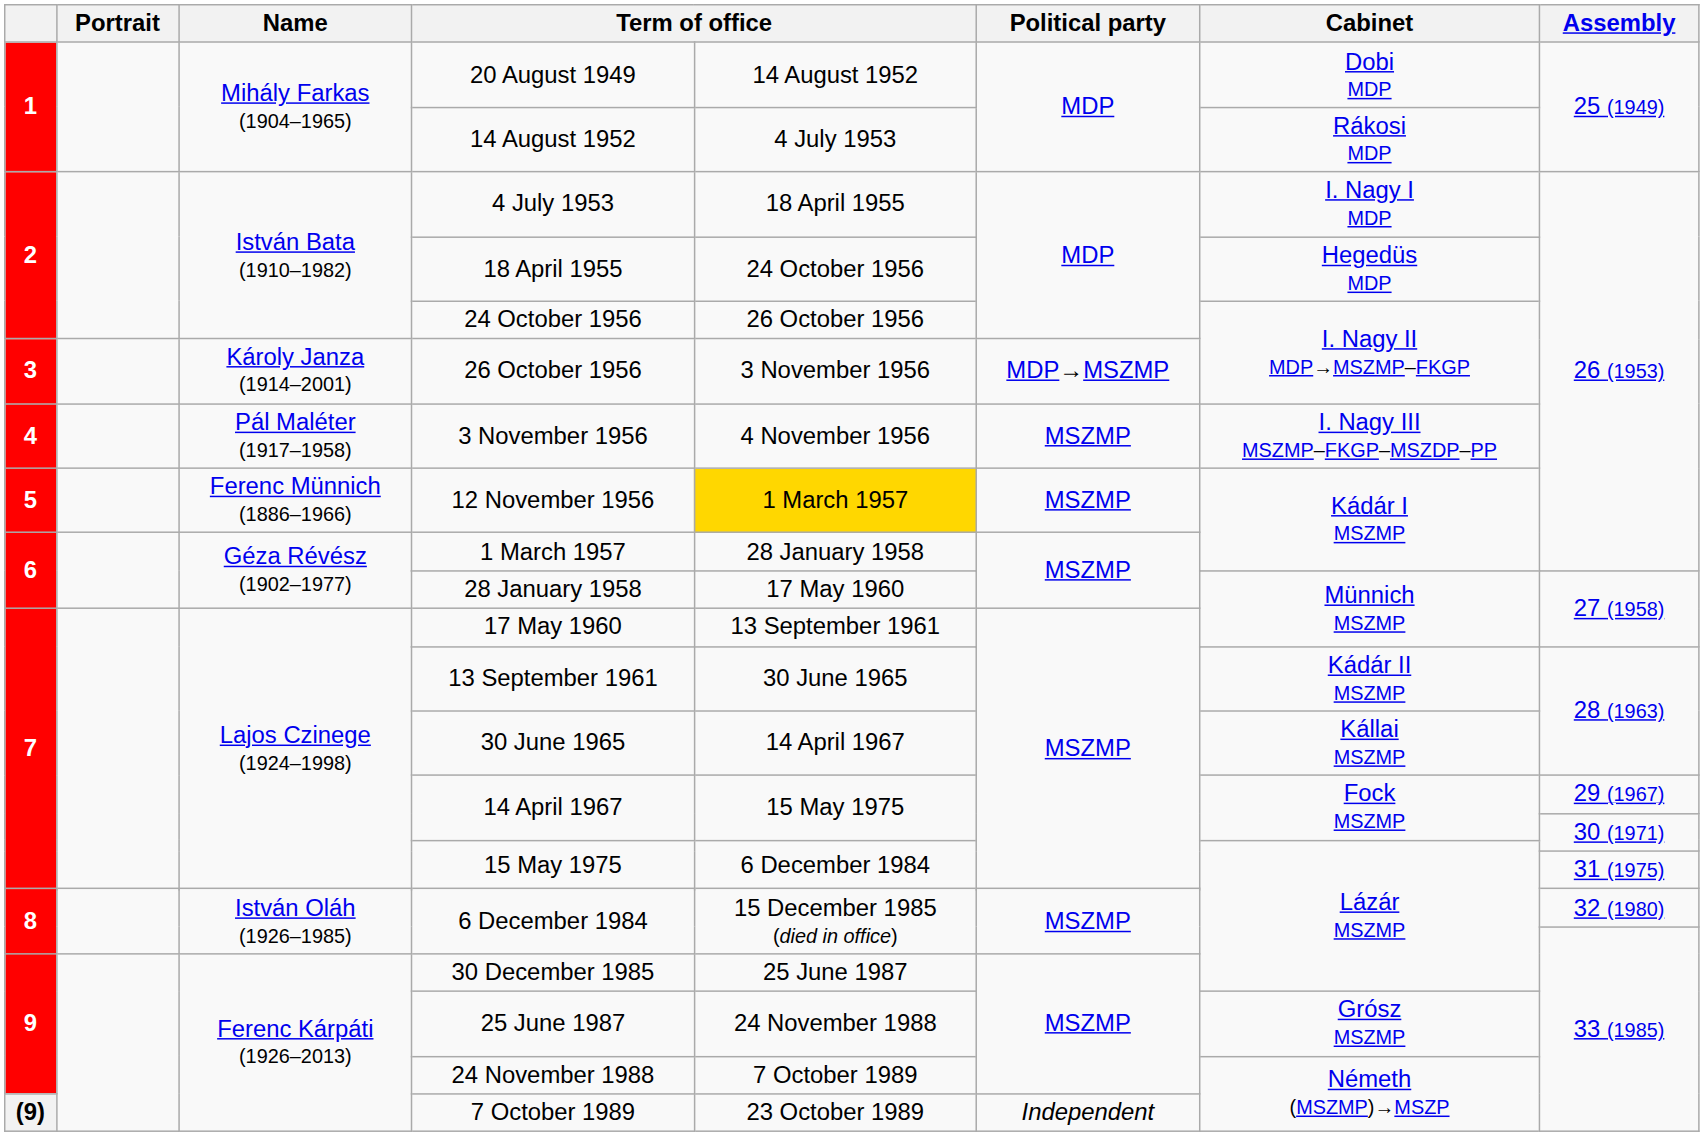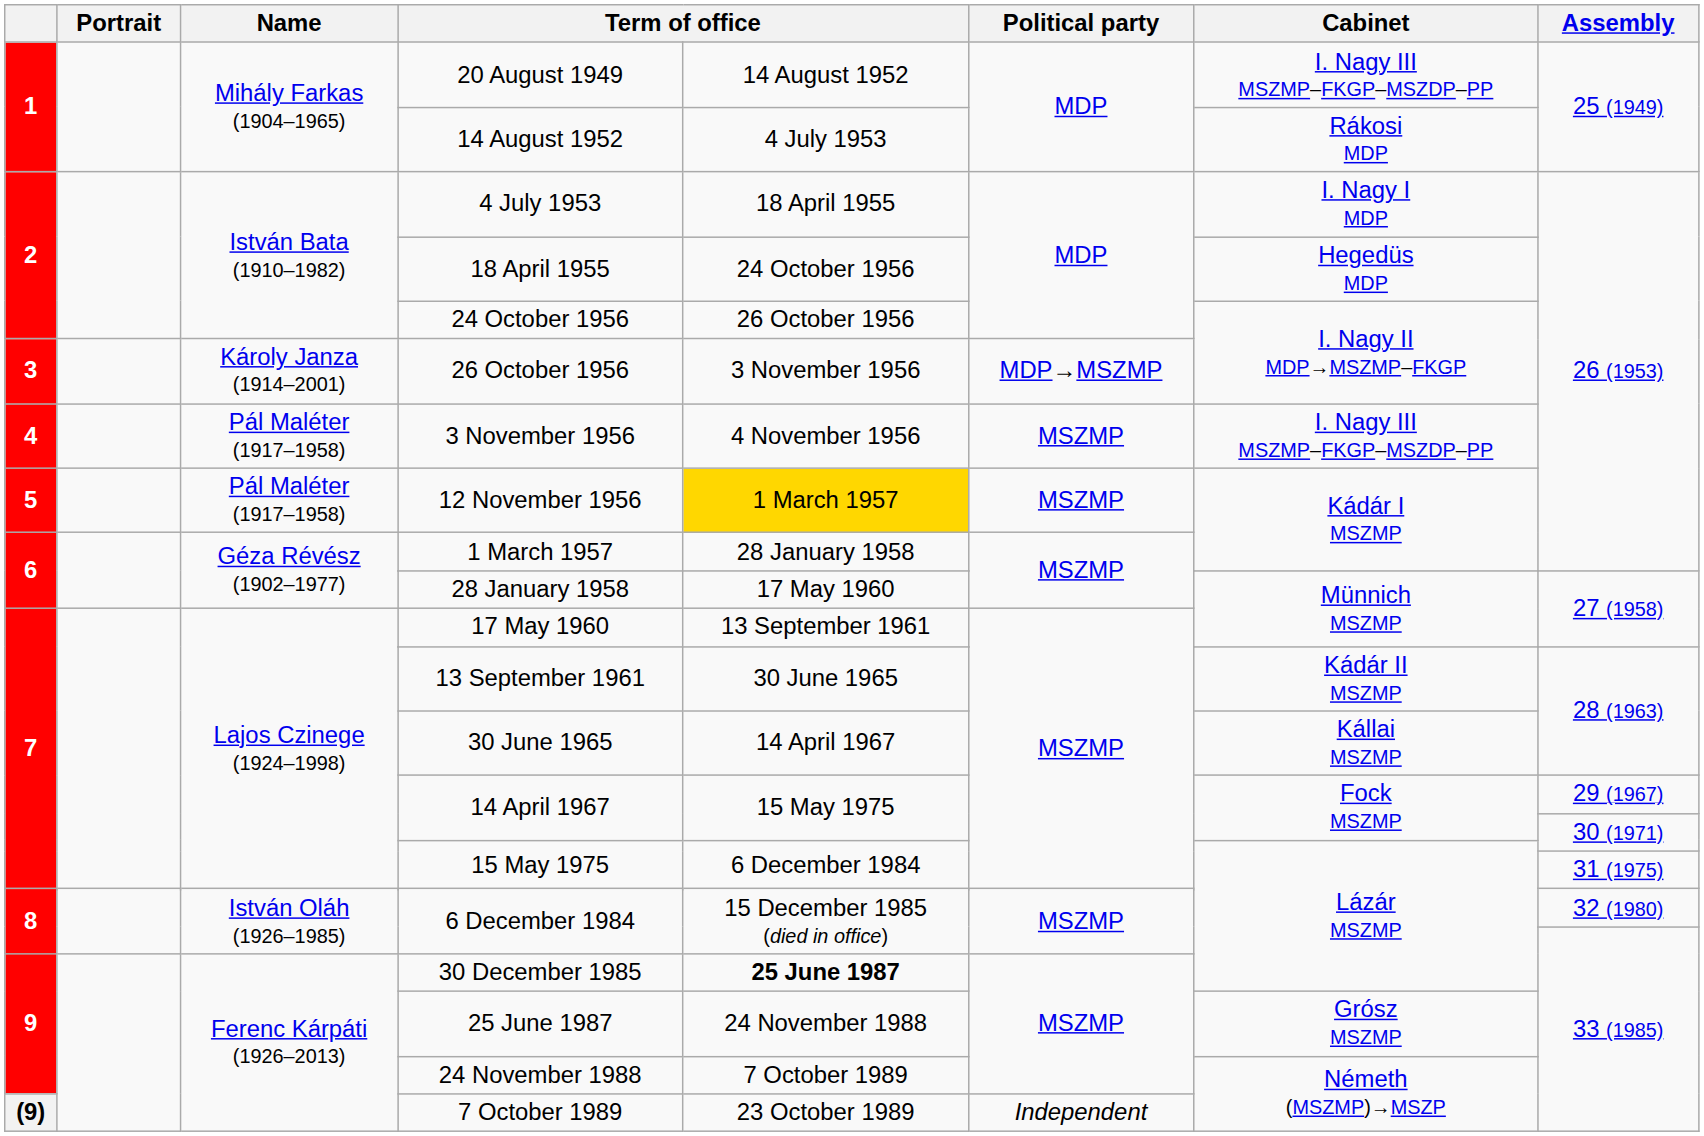 <table class="wikitable" style="width:90%; text-align:center;">
 <tr>
 <th></th>
 <th>Portrait</th>
 <th>Name<br></th>
 <th colspan=2>Term of office</th>
 <th>Political party</th>
 <th>Cabinet</th>
 <th><a href='#'>Assembly</a><br></th>
 </tr>
 <tr>
 <th rowspan="2" style="background-color:#FF0000; color:white">1</th>
 <td rowspan="2"></td>
 <td rowspan="2"><a href='#'>Mihály Farkas</a><br><small>(1904–1965)</small></td>
 <td>20 August 1949</td>
 <td>14 August 1952</td>
 <td rowspan="2"><a href='#'>MDP</a></td>
-<td><a href='#'>Dobi</a><br><small><a href='#'>MDP</a></small></td>
+<td><a href='#'>I. Nagy III</a><br><small><a href='#'>MSZMP</a>–<a href='#'>FKGP</a>–<a href='#'>MSZDP</a>–<a href='#'>PP</a></small></td>
 <td rowspan="2"><a href='#'>25 <small>(1949)</small></a></td>
 </tr>
 <tr>
 <td>14 August 1952</td>
 <td>4 July 1953</td>
 <td><a href='#'>Rákosi</a><br><small><a href='#'>MDP</a></small></td>
 </tr>
 <tr>
 <th rowspan="3" style="background-color:#FF0000; color:white">2</th>
 <td rowspan="3"></td>
 <td rowspan="3"><a href='#'>István Bata</a><br><small>(1910–1982)</small></td>
 <td>4 July 1953</td>
 <td>18 April 1955</td>
 <td rowspan="3"><a href='#'>MDP</a></td>
 <td><a href='#'>I. Nagy I</a><br><small><a href='#'>MDP</a></small></td>
 <td rowspan="8"><a href='#'>26 <small>(1953)</small></a></td>
 </tr>
 <tr>
 <td>18 April 1955</td>
 <td>24 October 1956</td>
 <td><a href='#'>Hegedüs</a><br><small><a href='#'>MDP</a></small></td>
 </tr>
 <tr>
 <td>24 October 1956</td>
 <td>26 October 1956</td>
 <td rowspan="2"><a href='#'>I. Nagy II</a><br><small><a href='#'>MDP</a>→<a href='#'>MSZMP</a>–<a href='#'>FKGP</a></small></td>
 </tr>
 <tr>
 <th style="background-color:#FF0000; color:white">3</th>
 <td></td>
 <td><a href='#'>Károly Janza</a><br><small>(1914–2001)</small></td>
 <td>26 October 1956</td>
 <td>3 November 1956</td>
 <td><a href='#'>MDP</a>→<a href='#'>MSZMP</a></td>
 </tr>
 <tr>
 <th style="background-color:#FF0000; color:white">4</th>
 <td></td>
 <td><a href='#'>Pál Maléter</a><br><small>(1917–1958)</small></td>
 <td>3 November 1956</td>
 <td>4 November 1956</td>
 <td><a href='#'>MSZMP</a></td>
 <td><a href='#'>I. Nagy III</a><br><small><a href='#'>MSZMP</a>–<a href='#'>FKGP</a>–<a href='#'>MSZDP</a>–<a href='#'>PP</a></small></td>
 </tr>
 <tr>
 <th style="background-color:#FF0000; color:white">5</th>
 <td></td>
-<td><a href='#'>Ferenc Münnich</a><br><small>(1886–1966)</small></td>
+<td><a href='#'>Pál Maléter</a><br><small>(1917–1958)</small></td>
 <td>12 November 1956</td>
 <td style="background: gold;">1 March 1957</td>
 <td><a href='#'>MSZMP</a></td>
 <td rowspan="2"><a href='#'>Kádár I</a><br><small><a href='#'>MSZMP</a></small></td>
 </tr>
 <tr>
 <th rowspan="3" style="background-color:#FF0000; color:white">6</th>
 <td rowspan="3"></td>
 <td rowspan="3"><a href='#'>Géza Révész</a><br><small>(1902–1977)</small></td>
 <td>1 March 1957</td>
 <td>28 January 1958</td>
 <td rowspan="3"><a href='#'>MSZMP</a></td>
 </tr>
 <tr>
 <td rowspan="2">28 January 1958</td>
 <td rowspan="2">17 May 1960</td>
 <td rowspan="3"><a href='#'>Münnich</a><br><small><a href='#'>MSZMP</a></small></td>
 </tr>
 <tr>
 <td rowspan="3"><a href='#'>27 <small>(1958)</small></a></td>
 </tr>
 <tr>
 <th rowspan="9" style="background-color:#FF0000; color:white">7</th>
 <td rowspan="9"></td>
 <td rowspan="9"><a href='#'>Lajos Czinege</a><br><small>(1924–1998)</small></td>
 <td>17 May 1960</td>
 <td>13 September 1961</td>
 <td rowspan="9"><a href='#'>MSZMP</a></td>
 </tr>
 <tr>
 <td rowspan="2">13 September 1961</td>
 <td rowspan="2">30 June 1965</td>
 <td rowspan="2"><a href='#'>Kádár II</a><br><small><a href='#'>MSZMP</a></small></td>
 </tr>
 <tr>
 <td rowspan="2"><a href='#'>28 <small>(1963)</small></a></td>
 </tr>
 <tr>
 <td>30 June 1965</td>
 <td>14 April 1967</td>
 <td><a href='#'>Kállai</a><br><small><a href='#'>MSZMP</a></small></td>
 </tr>
 <tr>
 <td rowspan="2">14 April 1967</td>
 <td rowspan="2">15 May 1975</td>
 <td rowspan="2"><a href='#'>Fock</a><br><small><a href='#'>MSZMP</a></small></td>
 <td><a href='#'>29 <small>(1967)</small></a></td>
 </tr>
 <tr>
 <td rowspan="2"><a href='#'>30 <small>(1971)</small></a></td>
 </tr>
 <tr>
 <td rowspan="3">15 May 1975</td>
 <td rowspan="3">6 December 1984</td>
 <td rowspan="6"><a href='#'>Lázár</a><br><small><a href='#'>MSZMP</a></small></td>
 </tr>
 <tr>
 <td><a href='#'>31 <small>(1975)</small></a></td>
 </tr>
 <tr>
 <td rowspan="2"><a href='#'>32 <small>(1980)</small></a></td>
 </tr>
 <tr>
 <th rowspan="2" style="background-color:#FF0000; color:white">8</th>
 <td rowspan="2"></td>
 <td rowspan="2"><a href='#'>István Oláh</a><br><small>(1926–1985)</small></td>
 <td rowspan="2">6 December 1984</td>
 <td rowspan="2">15 December 1985<br><small>(<em>died in office</em>)</small></td>
 <td rowspan="2"><a href='#'>MSZMP</a></td>
 </tr>
 <tr>
 <td rowspan="5"><a href='#'>33 <small>(1985)</small></a></td>
 </tr>
 <tr>
 <th rowspan="3" style="background-color:#FF0000; color:white">9</th>
 <td rowspan="4"></td>
 <td rowspan="4"><a href='#'>Ferenc Kárpáti</a><br><small>(1926–2013)</small></td>
 <td>30 December 1985</td>
-<td>25 June 1987</td>
+<td><strong>25 June 1987</strong></td>
 <td rowspan="3"><a href='#'>MSZMP</a></td>
 </tr>
 <tr>
 <td>25 June 1987</td>
 <td>24 November 1988</td>
 <td><a href='#'>Grósz</a><br><small><a href='#'>MSZMP</a></small></td>
 </tr>
 <tr>
 <td>24 November 1988</td>
 <td>7 October 1989</td>
 <td rowspan="2"><a href='#'>Németh</a><br><small>(<a href='#'>MSZMP</a>)→<a href='#'>MSZP</a></small></td>
 </tr>
 <tr>
 <th style="background:">(9)</th>
 <td>7 October 1989</td>
 <td>23 October 1989</td>
 <td><em>Independent</em></td>
 </tr>
 </table>
